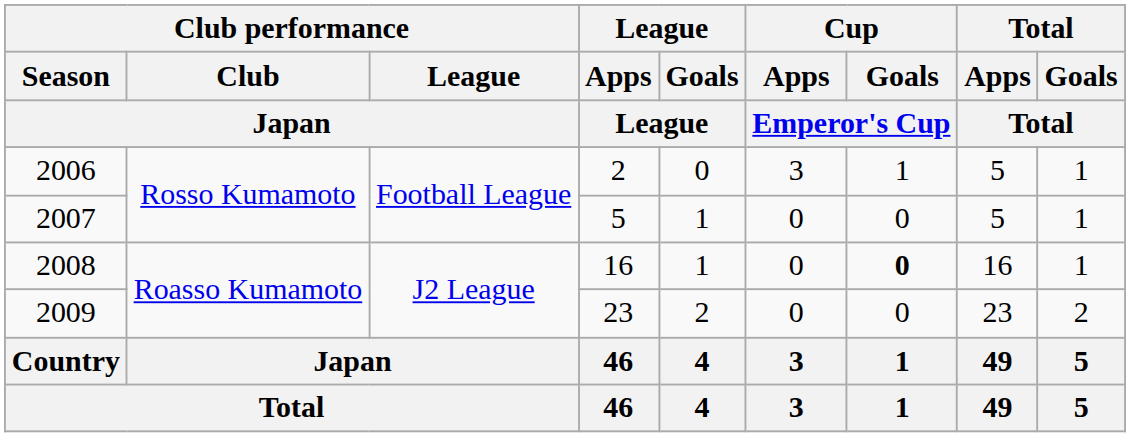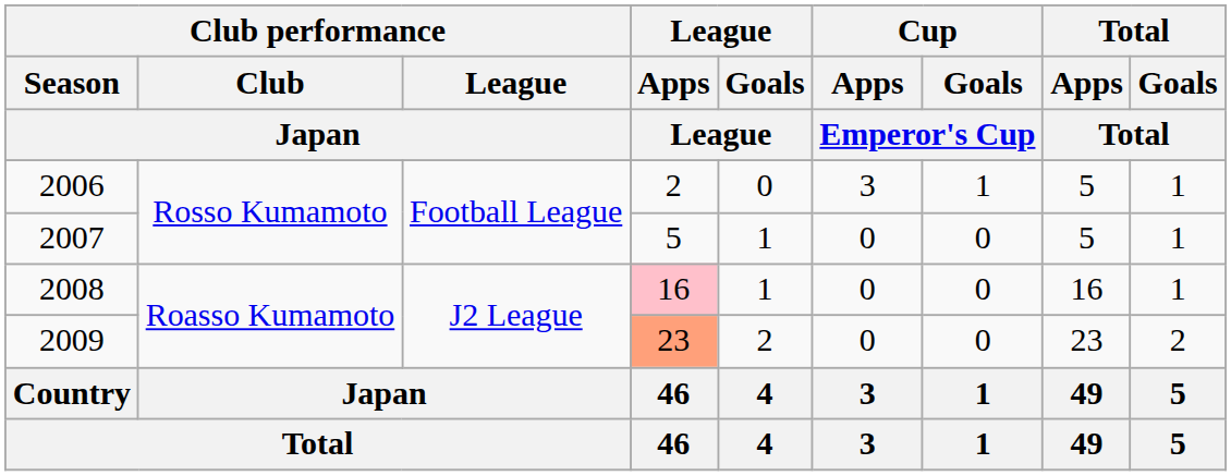 <table class="wikitable" style="text-align:center;">
 <tr>
 <th colspan=3>Club performance</th>
 <th colspan=2>League</th>
 <th colspan=2>Cup</th>
 <th colspan=2>Total</th>
 </tr>
 <tr>
 <th>Season</th>
 <th>Club</th>
 <th>League</th>
 <th>Apps</th>
 <th>Goals</th>
 <th>Apps</th>
 <th>Goals</th>
 <th>Apps</th>
 <th>Goals</th>
 </tr>
 <tr>
 <th colspan=3>Japan</th>
 <th colspan=2>League</th>
 <th colspan=2><a href='#'>Emperor's Cup</a></th>
 <th colspan=2>Total</th>
 </tr>
 <tr>
 <td>2006</td>
 <td rowspan="2"><a href='#'>Rosso Kumamoto</a></td>
 <td rowspan="2"><a href='#'>Football League</a></td>
 <td>2</td>
 <td>0</td>
 <td>3</td>
 <td>1</td>
 <td>5</td>
 <td>1</td>
 </tr>
 <tr>
 <td>2007</td>
 <td>5</td>
 <td>1</td>
 <td>0</td>
 <td>0</td>
 <td>5</td>
 <td>1</td>
 </tr>
 <tr>
 <td>2008</td>
 <td rowspan="2"><a href='#'>Roasso Kumamoto</a></td>
 <td rowspan="2"><a href='#'>J2 League</a></td>
-<td>16</td>
+<td style="background: pink;">16</td>
 <td>1</td>
 <td>0</td>
-<td><strong>0</strong></td>
+<td>0</td>
 <td>16</td>
 <td>1</td>
 </tr>
 <tr>
 <td>2009</td>
-<td>23</td>
+<td style="background: lightsalmon;">23</td>
 <td>2</td>
 <td>0</td>
 <td>0</td>
 <td>23</td>
 <td>2</td>
 </tr>
 <tr>
 <th rowspan=1>Country</th>
 <th colspan=2>Japan</th>
 <th>46</th>
 <th>4</th>
 <th>3</th>
 <th>1</th>
 <th>49</th>
 <th>5</th>
 </tr>
 <tr>
 <th colspan=3>Total</th>
 <th>46</th>
 <th>4</th>
 <th>3</th>
 <th>1</th>
 <th>49</th>
 <th>5</th>
 </tr>
 </table>
